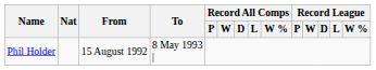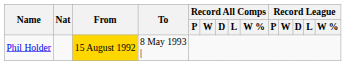 <table class="wikitable" style="text-align: center">
 <tr>
 <th rowspan="2">Name</th>
 <th rowspan="2">Nat</th>
 <th rowspan="2">From</th>
 <th rowspan="2">To</th>
 <th colspan="5">Record All Comps</th>
 <th colspan="5">Record League</th>
 </tr>
 <tr>
 <th>P</th>
 <th>W</th>
 <th>D</th>
 <th>L</th>
 <th>W %</th>
 <th>P</th>
 <th>W</th>
 <th>D</th>
 <th>L</th>
 <th>W %</th>
 </tr>
 <tr>
 <td align=left><a href='#'>Phil Holder</a></td>
 <td></td>
-<td align=left>15 August 1992</td>
+<td align=left style="background: gold;">15 August 1992</td>
 <td align=left>8 May 1993<br>|</td>
 </tr>
 </table>
